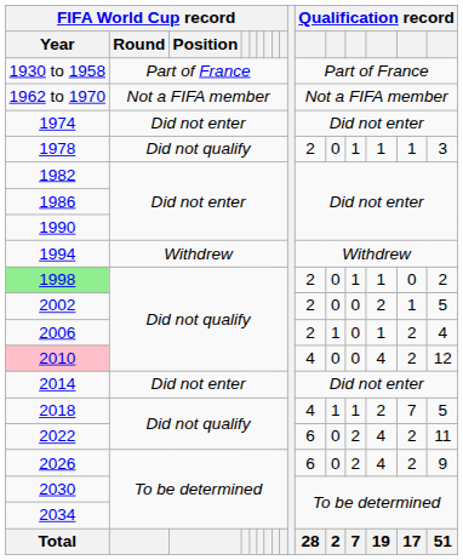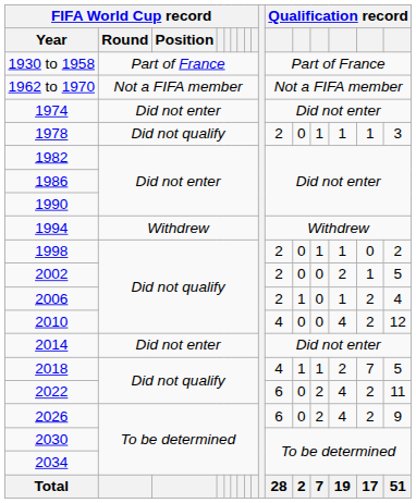 <table class="wikitable" style="text-align: center;">
 <tr>
 <th colspan=9><a href='#'>FIFA World Cup</a> record</th>
 <th rowspan="40"></th>
 <th colspan=6><a href='#'>Qualification</a> record</th>
 </tr>
 <tr>
 <th>Year</th>
 <th>Round</th>
 <th>Position</th>
 <th></th>
 <th></th>
 <th></th>
 <th></th>
 <th></th>
 <th></th>
 <th></th>
 <th></th>
 <th></th>
 <th></th>
 <th></th>
 <th></th>
 </tr>
 <tr>
 <td><a href='#'>1930</a> to <a href='#'>1958</a></td>
 <td colspan=8><em>Part of <a href='#'>France</a></em></td>
 <td colspan=6><em>Part of France</em></td>
 </tr>
 <tr>
 <td><a href='#'>1962</a> to <a href='#'>1970</a></td>
 <td colspan=8><em>Not a FIFA member</em></td>
 <td colspan=6><em>Not a FIFA member</em></td>
 </tr>
 <tr>
 <td> <a href='#'>1974</a></td>
 <td colspan=8><em>Did not enter</em></td>
 <td colspan=6><em>Did not enter</em></td>
 </tr>
 <tr>
 <td> <a href='#'>1978</a></td>
 <td colspan=8><em>Did not qualify</em></td>
 <td>2</td>
 <td>0</td>
 <td>1</td>
 <td>1</td>
 <td>1</td>
 <td>3</td>
 </tr>
 <tr>
 <td> <a href='#'>1982</a></td>
 <td colspan=8 rowspan=3><em>Did not enter</em></td>
 <td colspan=6 rowspan=3><em>Did not enter</em></td>
 </tr>
 <tr>
 <td> <a href='#'>1986</a></td>
 </tr>
 <tr>
 <td> <a href='#'>1990</a></td>
 </tr>
 <tr>
 <td> <a href='#'>1994</a></td>
 <td colspan=8><em>Withdrew</em></td>
 <td colspan=6><em>Withdrew</em></td>
 </tr>
 <tr>
-<td style="background: lightgreen;"> <a href='#'>1998</a></td>
+<td> <a href='#'>1998</a></td>
 <td rowspan=4 colspan=8><em>Did not qualify</em></td>
 <td>2</td>
 <td>0</td>
 <td>1</td>
 <td>1</td>
 <td>0</td>
 <td>2</td>
 </tr>
 <tr>
 <td>  <a href='#'>2002</a></td>
 <td>2</td>
 <td>0</td>
 <td>0</td>
 <td>2</td>
 <td>1</td>
 <td>5</td>
 </tr>
 <tr>
 <td> <a href='#'>2006</a></td>
 <td>2</td>
 <td>1</td>
 <td>0</td>
 <td>1</td>
 <td>2</td>
 <td>4</td>
 </tr>
 <tr>
-<td style="background: pink;"> <a href='#'>2010</a></td>
+<td> <a href='#'>2010</a></td>
 <td>4</td>
 <td>0</td>
 <td>0</td>
 <td>4</td>
 <td>2</td>
 <td>12</td>
 </tr>
 <tr>
 <td> <a href='#'>2014</a></td>
 <td colspan=8><em>Did not enter</em></td>
 <td colspan="6"><em>Did not enter</em></td>
 </tr>
 <tr>
 <td> <a href='#'>2018</a></td>
 <td colspan=8 rowspan=2><em>Did not qualify</em></td>
 <td>4</td>
 <td>1</td>
 <td>1</td>
 <td>2</td>
 <td>7</td>
 <td>5</td>
 </tr>
 <tr>
 <td> <a href='#'>2022</a></td>
 <td>6</td>
 <td>0</td>
 <td>2</td>
 <td>4</td>
 <td>2</td>
 <td>11</td>
 </tr>
 <tr>
 <td>   <a href='#'>2026</a></td>
 <td colspan=8 rowspan=3><em>To be determined</em></td>
 <td>6</td>
 <td>0</td>
 <td>2</td>
 <td>4</td>
 <td>2</td>
 <td>9</td>
 </tr>
 <tr>
 <td>   <a href='#'>2030</a></td>
 <td colspan=6 rowspan=2><em>To be determined</em></td>
 </tr>
 <tr>
 <td> <a href='#'>2034</a></td>
 </tr>
 <tr>
 <th>Total</th>
 <th></th>
 <th></th>
 <th></th>
 <th></th>
 <th></th>
 <th></th>
 <th></th>
 <th></th>
 <th>28</th>
 <th>2</th>
 <th>7</th>
 <th>19</th>
 <th>17</th>
 <th>51</th>
 </tr>
 </table>
